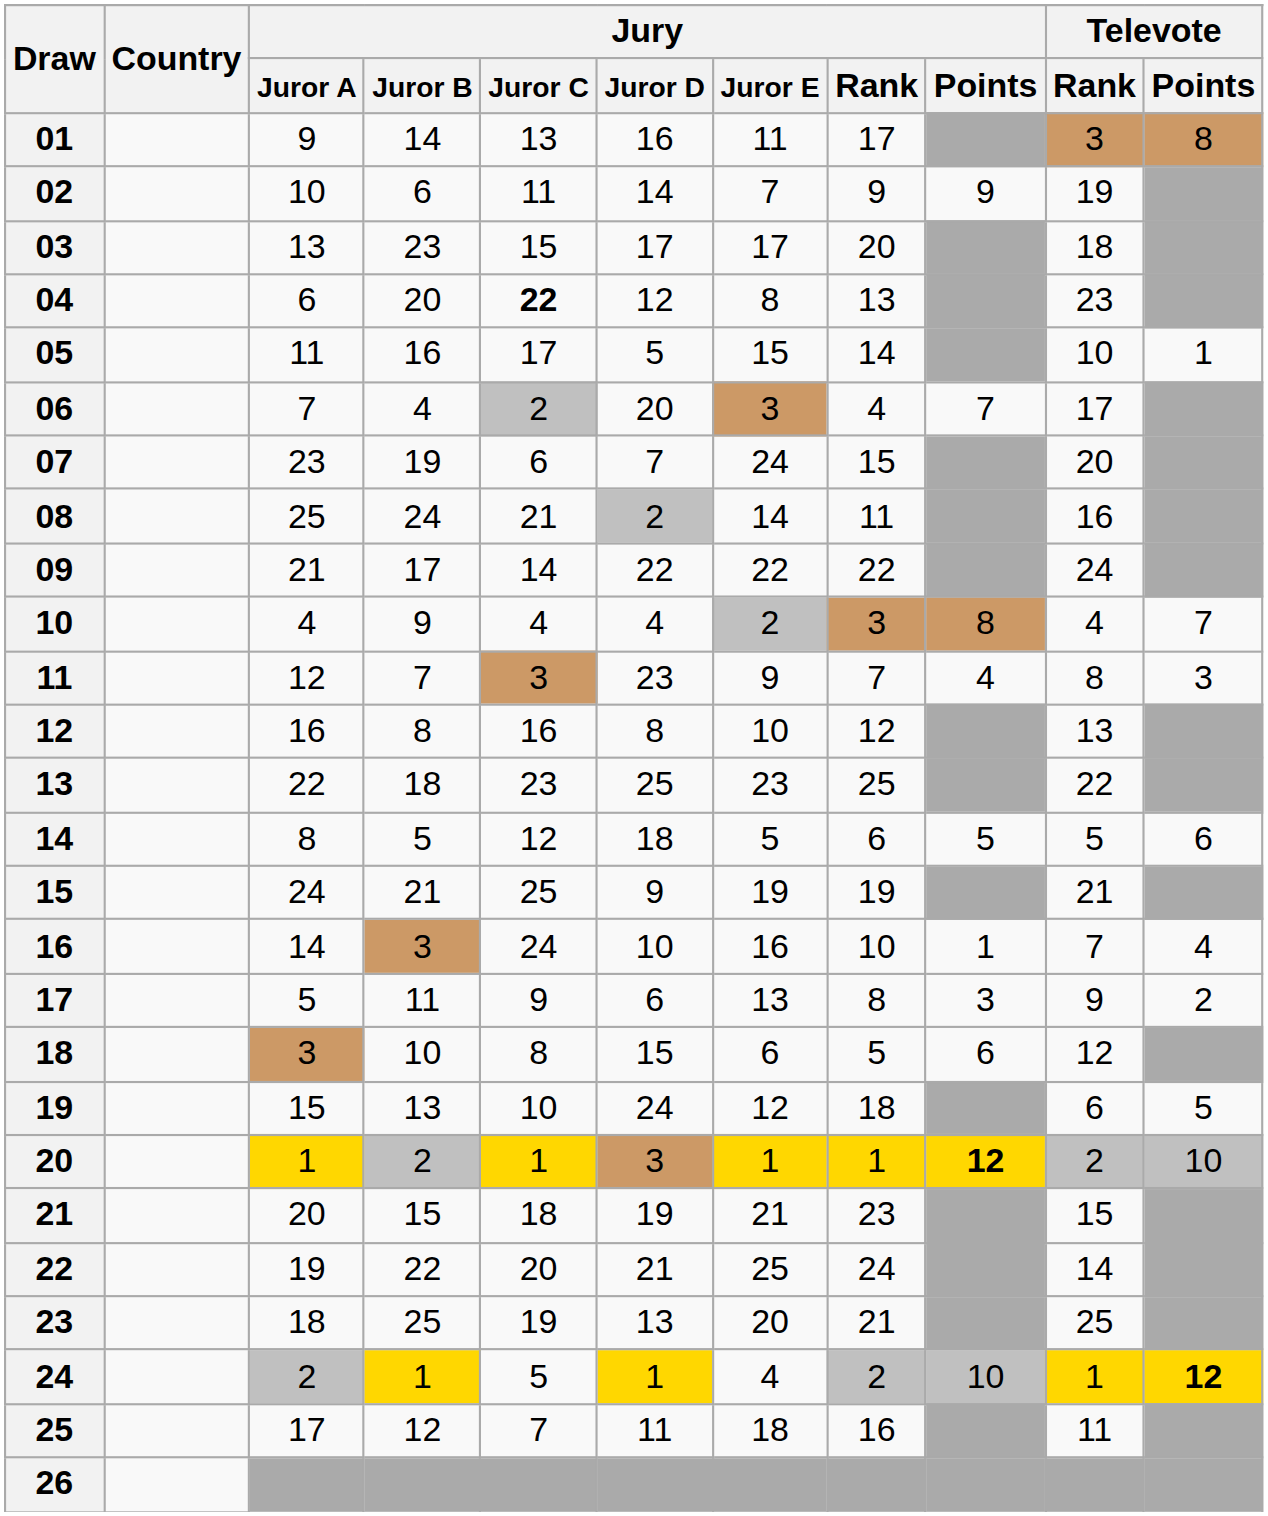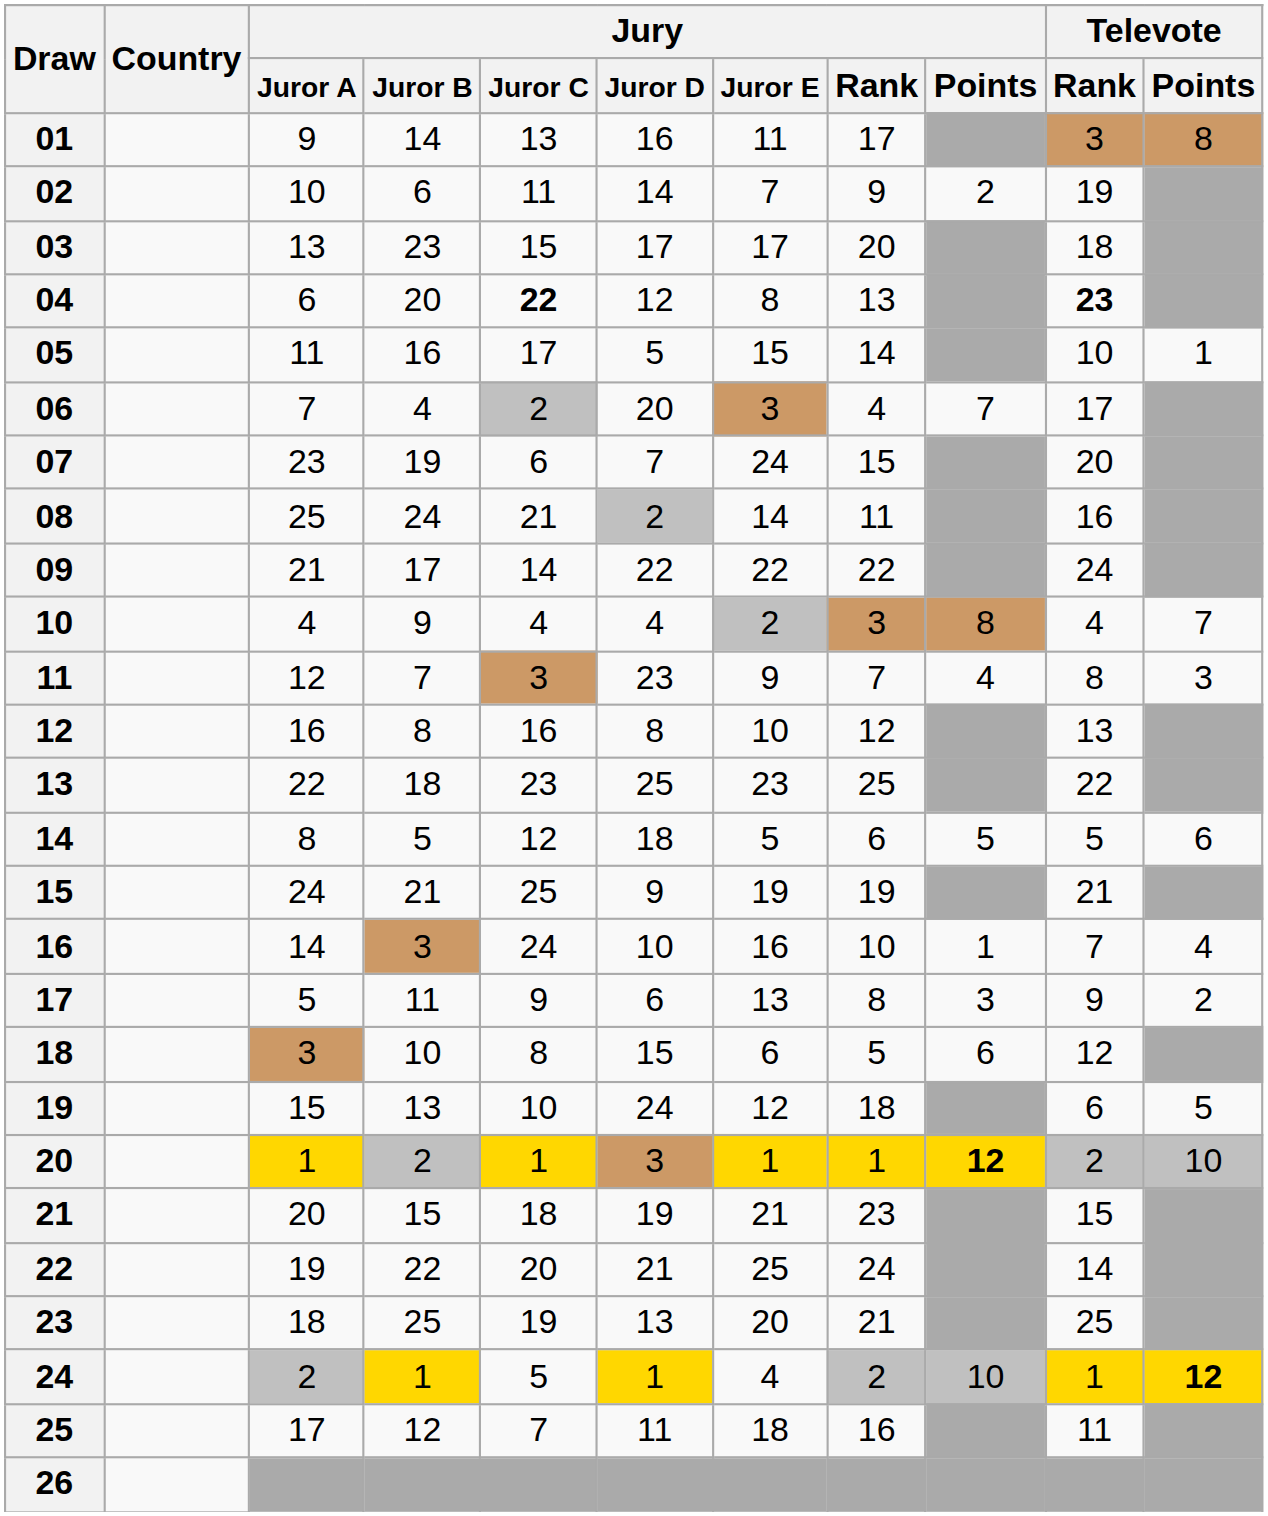 <table class="sortable wikitable collapsible plainrowheaders" style="text-align:center;">
 <tr>
 </tr>
 <tr>
 <th scope="col" rowspan="2">Draw</th>
 <th scope="col" rowspan="2">Country</th>
 <th scope="col" colspan="7">Jury</th>
 <th scope="col" colspan="2">Televote</th>
 </tr>
 <tr>
 <th scope="col"><small>Juror A</small></th>
 <th scope="col"><small>Juror B</small></th>
 <th scope="col"><small>Juror C</small></th>
 <th scope="col"><small>Juror D</small></th>
 <th scope="col"><small>Juror E</small></th>
 <th scope="col">Rank</th>
 <th scope="col">Points</th>
 <th scope="col">Rank</th>
 <th scope="col">Points</th>
 </tr>
 <tr>
 <th scope="row" style="text-align:center;">01</th>
 <td style="text-align:left;"></td>
 <td>9</td>
 <td>14</td>
 <td>13</td>
 <td>16</td>
 <td>11</td>
 <td>17</td>
 <td style="background:#AAAAAA;"></td>
 <td style="background:#CC9966;">3</td>
 <td style="background:#CC9966;">8</td>
 </tr>
 <tr>
 <th scope="row" style="text-align:center;">02</th>
 <td style="text-align:left;"></td>
 <td>10</td>
 <td>6</td>
 <td>11</td>
 <td>14</td>
 <td>7</td>
 <td>9</td>
-<td>9</td>
+<td>2</td>
 <td>19</td>
 <td style="background:#AAAAAA;"></td>
 </tr>
 <tr>
 <th scope="row" style="text-align:center;">03</th>
 <td style="text-align:left;"></td>
 <td>13</td>
 <td>23</td>
 <td>15</td>
 <td>17</td>
 <td>17</td>
 <td>20</td>
 <td style="background:#AAAAAA;"></td>
 <td>18</td>
 <td style="background:#AAAAAA;"></td>
 </tr>
 <tr>
 <th scope="row" style="text-align:center;">04</th>
 <td style="text-align:left;"></td>
 <td>6</td>
 <td>20</td>
 <td><strong>22</strong></td>
 <td>12</td>
 <td>8</td>
 <td>13</td>
 <td style="background:#AAAAAA;"></td>
-<td>23</td>
+<td><strong>23</strong></td>
 <td style="background:#AAAAAA;"></td>
 </tr>
 <tr>
 <th scope="row" style="text-align:center;">05</th>
 <td style="text-align:left;"></td>
 <td>11</td>
 <td>16</td>
 <td>17</td>
 <td>5</td>
 <td>15</td>
 <td>14</td>
 <td style="background:#AAAAAA;"></td>
 <td>10</td>
 <td>1</td>
 </tr>
 <tr>
 <th scope="row" style="text-align:center;">06</th>
 <td style="text-align:left;"></td>
 <td>7</td>
 <td>4</td>
 <td style="background:silver;">2</td>
 <td>20</td>
 <td style="background:#CC9966;">3</td>
 <td>4</td>
 <td>7</td>
 <td>17</td>
 <td style="background:#AAAAAA;"></td>
 </tr>
 <tr>
 <th scope="row" style="text-align:center;">07</th>
 <td style="text-align:left;"></td>
 <td>23</td>
 <td>19</td>
 <td>6</td>
 <td>7</td>
 <td>24</td>
 <td>15</td>
 <td style="background:#AAAAAA;"></td>
 <td>20</td>
 <td style="background:#AAAAAA;"></td>
 </tr>
 <tr>
 <th scope="row" style="text-align:center;">08</th>
 <td style="text-align:left;"></td>
 <td>25</td>
 <td>24</td>
 <td>21</td>
 <td style="background:silver;">2</td>
 <td>14</td>
 <td>11</td>
 <td style="background:#AAAAAA;"></td>
 <td>16</td>
 <td style="background:#AAAAAA;"></td>
 </tr>
 <tr>
 <th scope="row" style="text-align:center;">09</th>
 <td style="text-align:left;"></td>
 <td>21</td>
 <td>17</td>
 <td>14</td>
 <td>22</td>
 <td>22</td>
 <td>22</td>
 <td style="background:#AAAAAA;"></td>
 <td>24</td>
 <td style="background:#AAAAAA;"></td>
 </tr>
 <tr>
 <th scope="row" style="text-align:center;">10</th>
 <td style="text-align:left;"></td>
 <td>4</td>
 <td>9</td>
 <td>4</td>
 <td>4</td>
 <td style="background:silver;">2</td>
 <td style="background:#CC9966;">3</td>
 <td style="background:#CC9966;">8</td>
 <td>4</td>
 <td>7</td>
 </tr>
 <tr>
 <th scope="row" style="text-align:center;">11</th>
 <td style="text-align:left;"></td>
 <td>12</td>
 <td>7</td>
 <td style="background:#CC9966;">3</td>
 <td>23</td>
 <td>9</td>
 <td>7</td>
 <td>4</td>
 <td>8</td>
 <td>3</td>
 </tr>
 <tr>
 <th scope="row" style="text-align:center;">12</th>
 <td style="text-align:left;"></td>
 <td>16</td>
 <td>8</td>
 <td>16</td>
 <td>8</td>
 <td>10</td>
 <td>12</td>
 <td style="background:#AAAAAA;"></td>
 <td>13</td>
 <td style="background:#AAAAAA;"></td>
 </tr>
 <tr>
 <th scope="row" style="text-align:center;">13</th>
 <td style="text-align:left;"></td>
 <td>22</td>
 <td>18</td>
 <td>23</td>
 <td>25</td>
 <td>23</td>
 <td>25</td>
 <td style="background:#AAAAAA;"></td>
 <td>22</td>
 <td style="background:#AAAAAA;"></td>
 </tr>
 <tr>
 <th scope="row" style="text-align:center;">14</th>
 <td style="text-align:left;"></td>
 <td>8</td>
 <td>5</td>
 <td>12</td>
 <td>18</td>
 <td>5</td>
 <td>6</td>
 <td>5</td>
 <td>5</td>
 <td>6</td>
 </tr>
 <tr>
 <th scope="row" style="text-align:center;">15</th>
 <td style="text-align:left;"></td>
 <td>24</td>
 <td>21</td>
 <td>25</td>
 <td>9</td>
 <td>19</td>
 <td>19</td>
 <td style="background:#AAAAAA;"></td>
 <td>21</td>
 <td style="background:#AAAAAA;"></td>
 </tr>
 <tr>
 <th scope="row" style="text-align:center;">16</th>
 <td style="text-align:left;"></td>
 <td>14</td>
 <td style="background:#CC9966;">3</td>
 <td>24</td>
 <td>10</td>
 <td>16</td>
 <td>10</td>
 <td>1</td>
 <td>7</td>
 <td>4</td>
 </tr>
 <tr>
 <th scope="row" style="text-align:center;">17</th>
 <td style="text-align:left;"></td>
 <td>5</td>
 <td>11</td>
 <td>9</td>
 <td>6</td>
 <td>13</td>
 <td>8</td>
 <td>3</td>
 <td>9</td>
 <td>2</td>
 </tr>
 <tr>
 <th scope="row" style="text-align:center;">18</th>
 <td style="text-align:left;"></td>
 <td style="background:#CC9966;">3</td>
 <td>10</td>
 <td>8</td>
 <td>15</td>
 <td>6</td>
 <td>5</td>
 <td>6</td>
 <td>12</td>
 <td style="background:#AAAAAA;"></td>
 </tr>
 <tr>
 <th scope="row" style="text-align:center;">19</th>
 <td style="text-align:left;"></td>
 <td>15</td>
 <td>13</td>
 <td>10</td>
 <td>24</td>
 <td>12</td>
 <td>18</td>
 <td style="background:#AAAAAA;"></td>
 <td>6</td>
 <td>5</td>
 </tr>
 <tr>
 <th scope="row" style="text-align:center;">20</th>
 <td style="text-align:left;"></td>
 <td style="background:gold;">1</td>
 <td style="background:silver;">2</td>
 <td style="background:gold;">1</td>
 <td style="background:#CC9966;">3</td>
 <td style="background:gold;">1</td>
 <td style="background:gold;">1</td>
 <td style="background:gold;"><strong>12</strong></td>
 <td style="background:silver;">2</td>
 <td style="background:silver;">10</td>
 </tr>
 <tr>
 <th scope="row" style="text-align:center;">21</th>
 <td style="text-align:left;"></td>
 <td>20</td>
 <td>15</td>
 <td>18</td>
 <td>19</td>
 <td>21</td>
 <td>23</td>
 <td style="background:#AAAAAA;"></td>
 <td>15</td>
 <td style="background:#AAAAAA;"></td>
 </tr>
 <tr>
 <th scope="row" style="text-align:center;">22</th>
 <td style="text-align:left;"></td>
 <td>19</td>
 <td>22</td>
 <td>20</td>
 <td>21</td>
 <td>25</td>
 <td>24</td>
 <td style="background:#AAAAAA;"></td>
 <td>14</td>
 <td style="background:#AAAAAA;"></td>
 </tr>
 <tr>
 <th scope="row" style="text-align:center;">23</th>
 <td style="text-align:left;"></td>
 <td>18</td>
 <td>25</td>
 <td>19</td>
 <td>13</td>
 <td>20</td>
 <td>21</td>
 <td style="background:#AAAAAA;"></td>
 <td>25</td>
 <td style="background:#AAAAAA;"></td>
 </tr>
 <tr>
 <th scope="row" style="text-align:center;">24</th>
 <td style="text-align:left;"></td>
 <td style="background:silver;">2</td>
 <td style="background:gold;">1</td>
 <td>5</td>
 <td style="background:gold;">1</td>
 <td>4</td>
 <td style="background:silver;">2</td>
 <td style="background:silver;">10</td>
 <td style="background:gold;">1</td>
 <td style="background:gold;"><strong>12</strong></td>
 </tr>
 <tr>
 <th scope="row" style="text-align:center;">25</th>
 <td style="text-align:left;"></td>
 <td>17</td>
 <td>12</td>
 <td>7</td>
 <td>11</td>
 <td>18</td>
 <td>16</td>
 <td style="background:#AAAAAA;"></td>
 <td>11</td>
 <td style="background:#AAAAAA;"></td>
 </tr>
 <tr class="sortbottom">
 <th scope="row" style="text-align:center;">26</th>
 <td style="text-align:left;"></td>
 <td style="background:#AAAAAA;"></td>
 <td style="background:#AAAAAA;"></td>
 <td style="background:#AAAAAA;"></td>
 <td style="background:#AAAAAA;"></td>
 <td style="background:#AAAAAA;"></td>
 <td style="background:#AAAAAA;"></td>
 <td style="background:#AAAAAA;"></td>
 <td style="background:#AAAAAA;"></td>
 <td style="background:#AAAAAA;"></td>
 </tr>
 </table>
